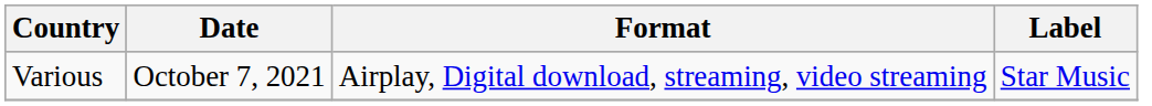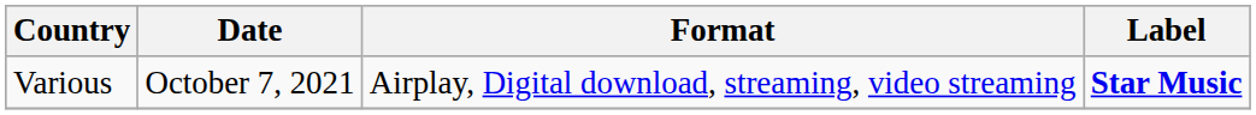 <table class="wikitable">
 <tr>
 <th>Country</th>
 <th>Date</th>
 <th>Format</th>
 <th>Label</th>
 </tr>
 <tr>
 <td>Various</td>
 <td>October 7, 2021</td>
 <td>Airplay, <a href='#'>Digital download</a>, <a href='#'>streaming</a>, <a href='#'>video streaming</a></td>
-<td><a href='#'>Star Music</a></td>
+<td><strong><a href='#'>Star Music</a></strong></td>
 </tr>
 <tr>
 </tr>
 </table>
